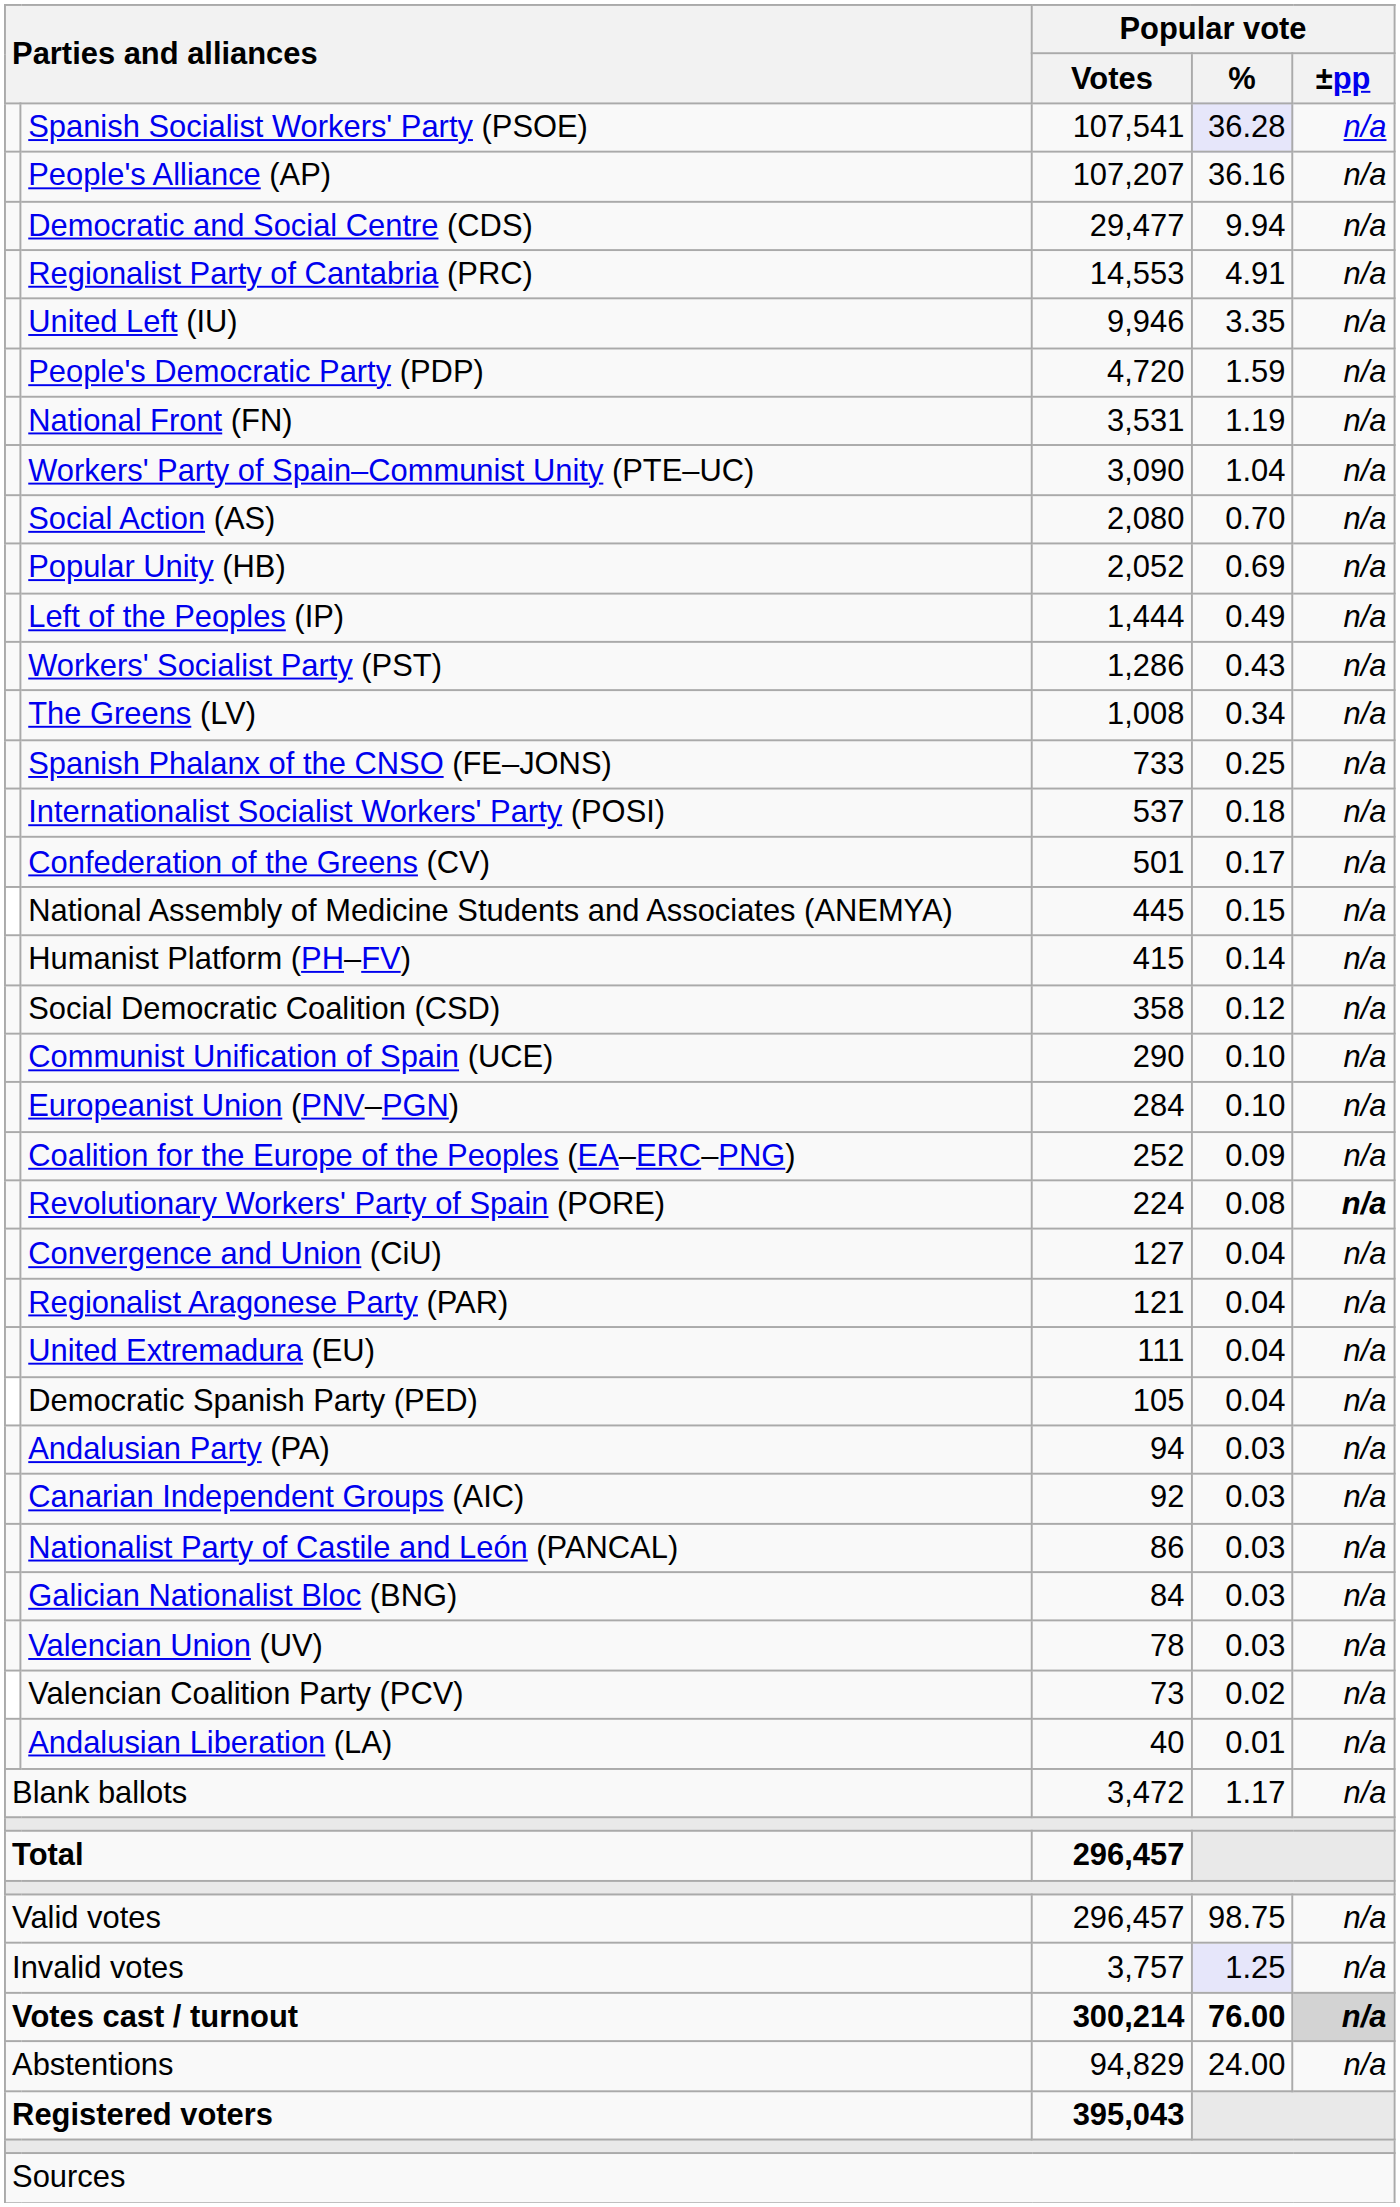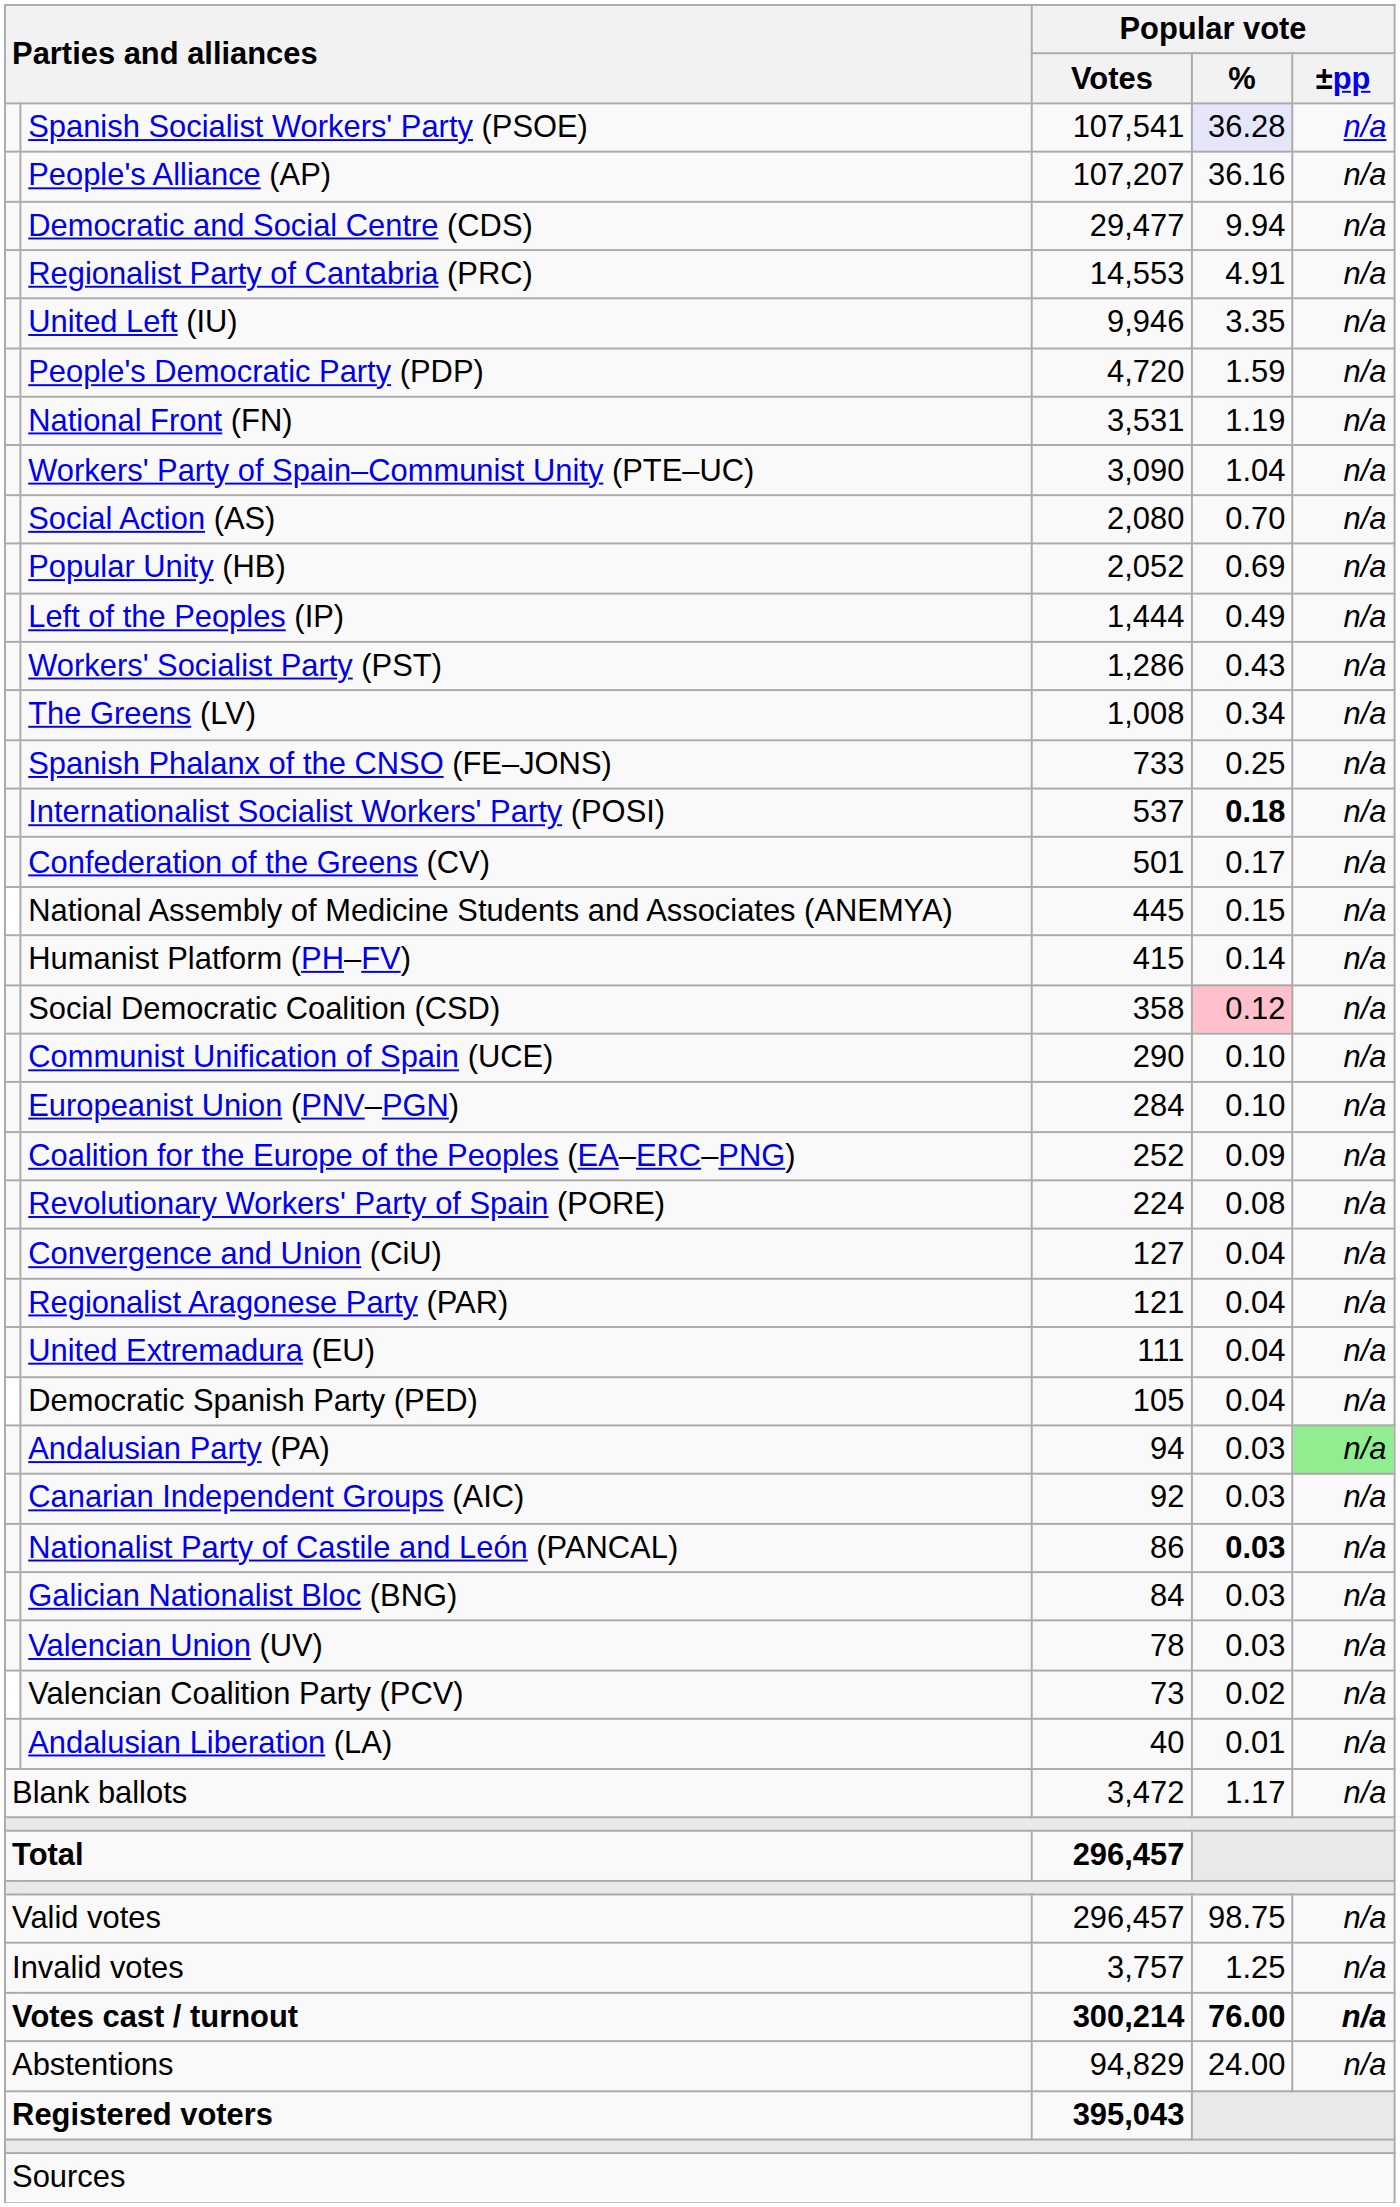 <table class="wikitable" style="text-align:right">
 <tr>
 <th style="text-align:left;" rowspan="2" colspan="2" width="525">Parties and alliances</th>
 <th colspan="3">Popular vote</th>
 </tr>
 <tr>
 <th width="75">Votes</th>
 <th width="45">%</th>
 <th width="45">±<a href='#'>pp</a></th>
 </tr>
 <tr>
 <td width="1" style="color:inherit;background:"></td>
 <td align="left"><a href='#'>Spanish Socialist Workers' Party</a> (PSOE)</td>
 <td>107,541</td>
 <td style="background: lavender;">36.28</td>
 <td><em><a href='#'>n/a</a></em></td>
 </tr>
 <tr>
 <td style="color:inherit;background:"></td>
 <td align="left"><a href='#'>People's Alliance</a> (AP)</td>
 <td>107,207</td>
 <td>36.16</td>
 <td><em>n/a</em></td>
 </tr>
 <tr>
 <td style="color:inherit;background:"></td>
 <td align="left"><a href='#'>Democratic and Social Centre</a> (CDS)</td>
 <td>29,477</td>
 <td>9.94</td>
 <td><em>n/a</em></td>
 </tr>
 <tr>
 <td style="color:inherit;background:"></td>
 <td align="left"><a href='#'>Regionalist Party of Cantabria</a> (PRC)</td>
 <td>14,553</td>
 <td>4.91</td>
 <td><em>n/a</em></td>
 </tr>
 <tr>
 <td style="color:inherit;background:"></td>
 <td align="left"><a href='#'>United Left</a> (IU)</td>
 <td>9,946</td>
 <td>3.35</td>
 <td><em>n/a</em></td>
 </tr>
 <tr>
 <td style="color:inherit;background:"></td>
 <td align="left"><a href='#'>People's Democratic Party</a> (PDP)</td>
 <td>4,720</td>
 <td>1.59</td>
 <td><em>n/a</em></td>
 </tr>
 <tr>
 <td style="color:inherit;background:"></td>
 <td align="left"><a href='#'>National Front</a> (FN)</td>
 <td>3,531</td>
 <td>1.19</td>
 <td><em>n/a</em></td>
 </tr>
 <tr>
 <td style="color:inherit;background:"></td>
 <td align="left"><a href='#'>Workers' Party of Spain–Communist Unity</a> (PTE–UC)</td>
 <td>3,090</td>
 <td>1.04</td>
 <td><em>n/a</em></td>
 </tr>
 <tr>
 <td style="color:inherit;background:"></td>
 <td align="left"><a href='#'>Social Action</a> (AS)</td>
 <td>2,080</td>
 <td>0.70</td>
 <td><em>n/a</em></td>
 </tr>
 <tr>
 <td style="color:inherit;background:"></td>
 <td align="left"><a href='#'>Popular Unity</a> (HB)</td>
 <td>2,052</td>
 <td>0.69</td>
 <td><em>n/a</em></td>
 </tr>
 <tr>
 <td style="color:inherit;background:"></td>
 <td align="left"><a href='#'>Left of the Peoples</a> (IP)</td>
 <td>1,444</td>
 <td>0.49</td>
 <td><em>n/a</em></td>
 </tr>
 <tr>
 <td style="color:inherit;background:"></td>
 <td align="left"><a href='#'>Workers' Socialist Party</a> (PST)</td>
 <td>1,286</td>
 <td>0.43</td>
 <td><em>n/a</em></td>
 </tr>
 <tr>
 <td style="color:inherit;background:"></td>
 <td align="left"><a href='#'>The Greens</a> (LV)</td>
 <td>1,008</td>
 <td>0.34</td>
 <td><em>n/a</em></td>
 </tr>
 <tr>
 <td style="color:inherit;background:"></td>
 <td align="left"><a href='#'>Spanish Phalanx of the CNSO</a> (FE–JONS)</td>
 <td>733</td>
 <td>0.25</td>
 <td><em>n/a</em></td>
 </tr>
 <tr>
 <td style="color:inherit;background:"></td>
 <td align="left"><a href='#'>Internationalist Socialist Workers' Party</a> (POSI)</td>
 <td>537</td>
-<td>0.18</td>
+<td><strong>0.18</strong></td>
 <td><em>n/a</em></td>
 </tr>
 <tr>
 <td style="color:inherit;background:"></td>
 <td align="left"><a href='#'>Confederation of the Greens</a> (CV)</td>
 <td>501</td>
 <td>0.17</td>
 <td><em>n/a</em></td>
 </tr>
 <tr>
 <td bgcolor="white"></td>
 <td align="left">National Assembly of Medicine Students and Associates (ANEMYA)</td>
 <td>445</td>
 <td>0.15</td>
 <td><em>n/a</em></td>
 </tr>
 <tr>
 <td style="color:inherit;background:"></td>
 <td align="left">Humanist Platform (<a href='#'>PH</a>–<a href='#'>FV</a>)</td>
 <td>415</td>
 <td>0.14</td>
 <td><em>n/a</em></td>
 </tr>
 <tr>
 <td style="color:inherit;background:"></td>
 <td align="left">Social Democratic Coalition (CSD)</td>
 <td>358</td>
-<td>0.12</td>
+<td style="background: pink;">0.12</td>
 <td><em>n/a</em></td>
 </tr>
 <tr>
 <td style="color:inherit;background:"></td>
 <td align="left"><a href='#'>Communist Unification of Spain</a> (UCE)</td>
 <td>290</td>
 <td>0.10</td>
 <td><em>n/a</em></td>
 </tr>
 <tr>
 <td style="color:inherit;background:"></td>
 <td align="left"><a href='#'>Europeanist Union</a> (<a href='#'>PNV</a>–<a href='#'>PGN</a>)</td>
 <td>284</td>
 <td>0.10</td>
 <td><em>n/a</em></td>
 </tr>
 <tr>
 <td style="color:inherit;background:"></td>
 <td align="left"><a href='#'>Coalition for the Europe of the Peoples</a> (<a href='#'>EA</a>–<a href='#'>ERC</a>–<a href='#'>PNG</a>)</td>
 <td>252</td>
 <td>0.09</td>
 <td><em>n/a</em></td>
 </tr>
 <tr>
 <td style="color:inherit;background:"></td>
 <td align="left"><a href='#'>Revolutionary Workers' Party of Spain</a> (PORE)</td>
 <td>224</td>
 <td>0.08</td>
-<td><strong><em>n/a</em></strong></td>
+<td><em>n/a</em></td>
 </tr>
 <tr>
 <td style="color:inherit;background:"></td>
 <td align="left"><a href='#'>Convergence and Union</a> (CiU)</td>
 <td>127</td>
 <td>0.04</td>
 <td><em>n/a</em></td>
 </tr>
 <tr>
 <td style="color:inherit;background:"></td>
 <td align="left"><a href='#'>Regionalist Aragonese Party</a> (PAR)</td>
 <td>121</td>
 <td>0.04</td>
 <td><em>n/a</em></td>
 </tr>
 <tr>
 <td style="color:inherit;background:"></td>
 <td align="left"><a href='#'>United Extremadura</a> (EU)</td>
 <td>111</td>
 <td>0.04</td>
 <td><em>n/a</em></td>
 </tr>
 <tr>
 <td bgcolor="white"></td>
 <td align="left">Democratic Spanish Party (PED)</td>
 <td>105</td>
 <td>0.04</td>
 <td><em>n/a</em></td>
 </tr>
 <tr>
 <td style="color:inherit;background:"></td>
 <td align="left"><a href='#'>Andalusian Party</a> (PA)</td>
 <td>94</td>
 <td>0.03</td>
-<td><em>n/a</em></td>
+<td style="background: lightgreen;"><em>n/a</em></td>
 </tr>
 <tr>
 <td style="color:inherit;background:"></td>
 <td align="left"><a href='#'>Canarian Independent Groups</a> (AIC)</td>
 <td>92</td>
 <td>0.03</td>
 <td><em>n/a</em></td>
 </tr>
 <tr>
 <td style="color:inherit;background:"></td>
 <td align="left"><a href='#'>Nationalist Party of Castile and León</a> (PANCAL)</td>
 <td>86</td>
-<td>0.03</td>
+<td><strong>0.03</strong></td>
 <td><em>n/a</em></td>
 </tr>
 <tr>
 <td style="color:inherit;background:"></td>
 <td align="left"><a href='#'>Galician Nationalist Bloc</a> (BNG)</td>
 <td>84</td>
 <td>0.03</td>
 <td><em>n/a</em></td>
 </tr>
 <tr>
 <td style="color:inherit;background:"></td>
 <td align="left"><a href='#'>Valencian Union</a> (UV)</td>
 <td>78</td>
 <td>0.03</td>
 <td><em>n/a</em></td>
 </tr>
 <tr>
 <td bgcolor="white"></td>
 <td align="left">Valencian Coalition Party (PCV)</td>
 <td>73</td>
 <td>0.02</td>
 <td><em>n/a</em></td>
 </tr>
 <tr>
 <td style="color:inherit;background:"></td>
 <td align="left"><a href='#'>Andalusian Liberation</a> (LA)</td>
 <td>40</td>
 <td>0.01</td>
 <td><em>n/a</em></td>
 </tr>
 <tr>
 <td align="left" colspan="2">Blank ballots</td>
 <td>3,472</td>
 <td>1.17</td>
 <td><em>n/a</em></td>
 </tr>
 <tr>
 <td colspan="5" bgcolor="#E9E9E9"></td>
 </tr>
 <tr style="font-weight:bold;">
 <td align="left" colspan="2">Total</td>
 <td>296,457</td>
 <td bgcolor="#E9E9E9" colspan="2"></td>
 </tr>
 <tr>
 <td colspan="5" bgcolor="#E9E9E9"></td>
 </tr>
 <tr>
 <td align="left" colspan="2">Valid votes</td>
 <td>296,457</td>
 <td>98.75</td>
 <td><em>n/a</em></td>
 </tr>
 <tr>
 <td align="left" colspan="2">Invalid votes</td>
 <td>3,757</td>
-<td style="background: lavender;">1.25</td>
+<td>1.25</td>
 <td><em>n/a</em></td>
 </tr>
 <tr style="font-weight:bold;">
 <td align="left" colspan="2">Votes cast / turnout</td>
 <td>300,214</td>
 <td>76.00</td>
-<td style="background: lightgrey;"><em>n/a</em></td>
+<td><em>n/a</em></td>
 </tr>
 <tr>
 <td align="left" colspan="2">Abstentions</td>
 <td>94,829</td>
 <td>24.00</td>
 <td><em>n/a</em></td>
 </tr>
 <tr style="font-weight:bold;">
 <td align="left" colspan="2">Registered voters</td>
 <td>395,043</td>
 <td bgcolor="#E9E9E9" colspan="2"></td>
 </tr>
 <tr>
 <td colspan="5" bgcolor="#E9E9E9"></td>
 </tr>
 <tr>
 <td align="left" colspan="5">Sources</td>
 </tr>
 </table>
